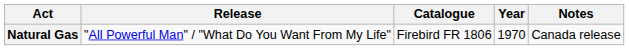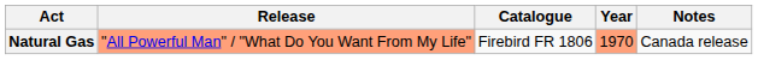 <table class="wikitable plainrowheaders sortable">
 <tr>
 <th scope="col" class="unsortable">Act</th>
 <th scope="col">Release</th>
 <th scope="col">Catalogue</th>
 <th scope="col">Year</th>
 <th scope="col" class="unsortable">Notes</th>
 </tr>
 <tr>
 <th scope="row">Natural Gas</th>
-<td>"<a href='#'>All Powerful Man</a>" / "What Do You Want From My Life"</td>
+<td style="background: lightsalmon;">"<a href='#'>All Powerful Man</a>" / "What Do You Want From My Life"</td>
 <td>Firebird FR 1806</td>
-<td>1970</td>
+<td style="background: lightsalmon;">1970</td>
 <td>Canada release</td>
 </tr>
 </table>
